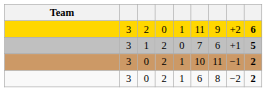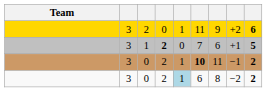 <table class="wikitable" style="text-align:center;">
 <tr>
 <th width=170>Team</th>
 <th width=20></th>
 <th width=20></th>
 <th width=20></th>
 <th width=20></th>
 <th width=20></th>
 <th width=20></th>
 <th width=20></th>
 <th width=20></th>
 </tr>
 <tr bgcolor=gold>
 <td align="left"></td>
 <td>3</td>
 <td>2</td>
 <td>0</td>
 <td>1</td>
 <td>11</td>
 <td>9</td>
 <td>+2</td>
 <td><strong>6</strong></td>
 </tr>
 <tr bgcolor=silver>
 <td align="left"></td>
 <td>3</td>
 <td>1</td>
-<td>2</td>
+<td><strong>2</strong></td>
 <td>0</td>
 <td>7</td>
 <td>6</td>
 <td>+1</td>
 <td><strong>5</strong></td>
 </tr>
 <tr bgcolor="#cc9966">
 <td align="left"></td>
 <td>3</td>
 <td>0</td>
 <td>2</td>
 <td>1</td>
-<td>10</td>
+<td><strong>10</strong></td>
 <td>11</td>
 <td>−1</td>
 <td><strong>2</strong></td>
 </tr>
 <tr>
 <td align="left"></td>
 <td>3</td>
 <td>0</td>
 <td>2</td>
-<td>1</td>
+<td style="background: lightblue;">1</td>
 <td>6</td>
 <td>8</td>
 <td>−2</td>
 <td><strong>2</strong></td>
 </tr>
 </table>
